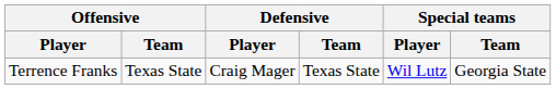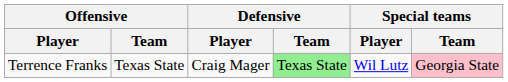 <table class="wikitable">
 <tr>
 <th colspan="2">Offensive</th>
 <th colspan="2">Defensive</th>
 <th colspan="2">Special teams</th>
 </tr>
 <tr>
 <th>Player</th>
 <th>Team</th>
 <th>Player</th>
 <th>Team</th>
 <th>Player</th>
 <th>Team</th>
 </tr>
 <tr>
 <td>Terrence Franks</td>
 <td>Texas State</td>
 <td>Craig Mager</td>
-<td>Texas State</td>
+<td style="background: lightgreen;">Texas State</td>
 <td><a href='#'>Wil Lutz</a></td>
-<td>Georgia State</td>
+<td style="background: pink;">Georgia State</td>
 </tr>
 </table>
